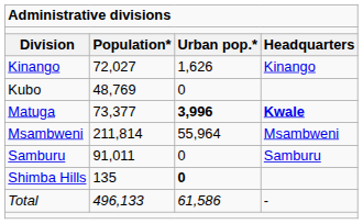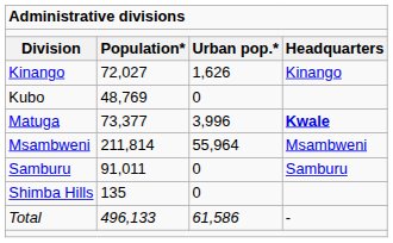 <table class="wikitable">
 <tr>
 <td colspan="4"><strong>Administrative divisions</strong></td>
 </tr>
 <tr>
 <td colspan="4"></td>
 </tr>
 <tr>
 <th>Division</th>
 <th>Population*</th>
 <th>Urban pop.*</th>
 <th>Headquarters</th>
 </tr>
 <tr>
 <td><a href='#'>Kinango</a></td>
 <td>72,027</td>
 <td>1,626</td>
 <td><a href='#'>Kinango</a></td>
 </tr>
 <tr>
 <td>Kubo</td>
 <td>48,769</td>
 <td>0</td>
 <td></td>
 </tr>
 <tr>
 <td><a href='#'>Matuga</a></td>
 <td>73,377</td>
-<td><strong>3,996</strong></td>
+<td>3,996</td>
 <td><strong><a href='#'>Kwale</a></strong></td>
 </tr>
 <tr>
 <td><a href='#'>Msambweni</a></td>
 <td>211,814</td>
 <td>55,964</td>
 <td><a href='#'>Msambweni</a></td>
 </tr>
 <tr>
 <td><a href='#'>Samburu</a></td>
 <td>91,011</td>
 <td>0</td>
 <td><a href='#'>Samburu</a></td>
 </tr>
 <tr>
 <td><a href='#'>Shimba Hills</a></td>
 <td>135</td>
-<td><strong>0</strong></td>
+<td>0</td>
 <td></td>
 </tr>
 <tr>
 <td><em>Total</em></td>
 <td><em>496,133</em></td>
 <td><em>61,586</em></td>
 <td>-</td>
 </tr>
 <tr>
 <td colspan="4"></td>
 </tr>
 </table>
